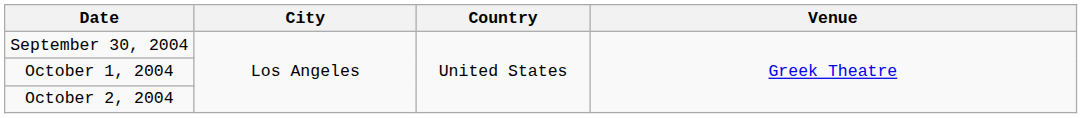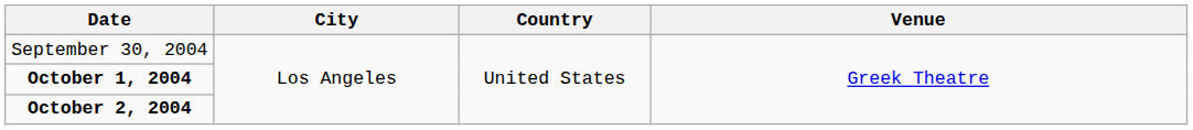 <table class="wikitable sortable plainrowheaders" style="text-align:center;">
 <tr>
 <th scope="col" style="width:11em;">Date</th>
 <th scope="col" style="width:13em;">City</th>
 <th scope="col" style="width:10em;">Country</th>
 <th scope="col" style="width:29em;">Venue</th>
 </tr>
 <tr>
 <td>September 30, 2004</td>
 <td rowspan="3">Los Angeles</td>
 <td rowspan="3">United States</td>
 <td rowspan="3"><a href='#'>Greek Theatre</a></td>
 </tr>
 <tr>
-<td>October 1, 2004</td>
+<td><strong>October 1, 2004</strong></td>
 </tr>
 <tr>
-<td>October 2, 2004</td>
+<td><strong>October 2, 2004</strong></td>
 </tr>
 </table>
